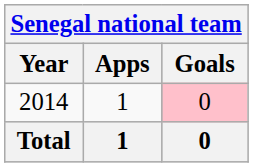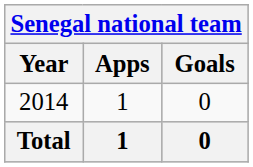 <table class="wikitable" style="text-align:center">
 <tr>
 <th colspan="3"><a href='#'>Senegal national team</a></th>
 </tr>
 <tr>
 <th>Year</th>
 <th>Apps</th>
 <th>Goals</th>
 </tr>
 <tr>
 <td>2014</td>
 <td>1</td>
-<td style="background: pink;">0</td>
+<td>0</td>
 </tr>
 <tr>
 <th>Total</th>
 <th>1</th>
 <th>0</th>
 </tr>
 </table>
